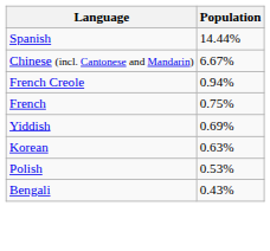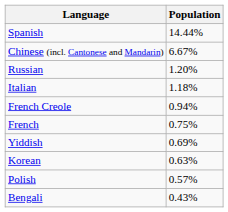 <table class="wikitable sortable floatright" style="margin-left:1em; font-size: 90%; display: inline-table">
 <tr>
 <th>Language</th>
 <th>Population</th>
 </tr>
 <tr>
 <td><a href='#'>Spanish</a></td>
 <td>14.44%</td>
 </tr>
 <tr>
 <td><a href='#'>Chinese</a> <small>(incl. <a href='#'>Cantonese</a> and <a href='#'>Mandarin</a>)</small></td>
 <td>6.67%</td>
+</tr>
+<tr>
+<td><a href='#'>Russian</a></td>
+<td>1.20%</td>
+</tr>
+<tr>
+<td><a href='#'>Italian</a></td>
+<td>1.18%</td>
 </tr>
 <tr>
 <td><a href='#'>French Creole</a></td>
 <td>0.94%</td>
 </tr>
 <tr>
 <td><a href='#'>French</a></td>
 <td>0.75%</td>
 </tr>
 <tr>
 <td><a href='#'>Yiddish</a></td>
 <td>0.69%</td>
 </tr>
 <tr>
 <td><a href='#'>Korean</a></td>
 <td>0.63%</td>
 </tr>
 <tr>
 <td><a href='#'>Polish</a></td>
-<td>0.53%</td>
+<td>0.57%</td>
 </tr>
 <tr>
 <td><a href='#'>Bengali</a></td>
 <td>0.43%</td>
 </tr>
 </table>
